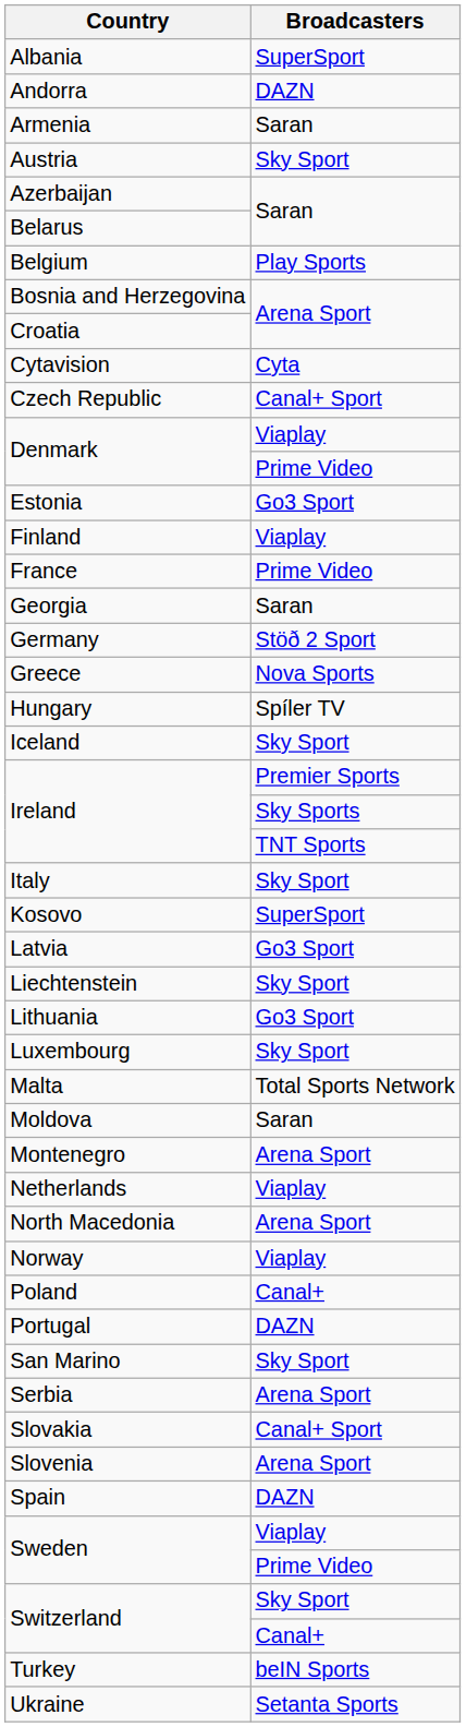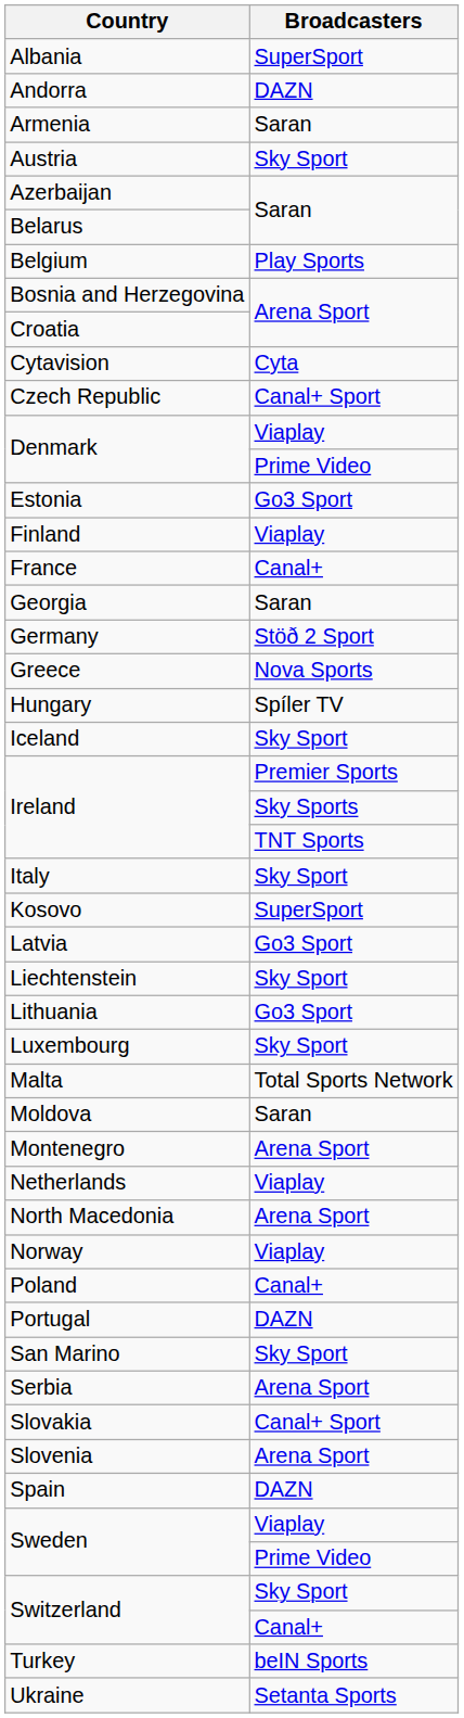 <table class="wikitable">
 <tr>
 <th>Country</th>
 <th>Broadcasters</th>
 </tr>
 <tr>
 <td>Albania</td>
 <td><a href='#'>SuperSport</a></td>
 </tr>
 <tr>
 <td>Andorra</td>
 <td><a href='#'>DAZN</a></td>
 </tr>
 <tr>
 <td>Armenia</td>
 <td>Saran</td>
 </tr>
 <tr>
 <td>Austria</td>
 <td><a href='#'>Sky Sport</a></td>
 </tr>
 <tr>
 <td>Azerbaijan</td>
 <td rowspan="2">Saran</td>
 </tr>
 <tr>
 <td>Belarus</td>
 </tr>
 <tr>
 <td>Belgium</td>
 <td><a href='#'>Play Sports</a></td>
 </tr>
 <tr>
 <td>Bosnia and Herzegovina</td>
 <td rowspan="2"><a href='#'>Arena Sport</a></td>
 </tr>
 <tr>
 <td>Croatia</td>
 </tr>
 <tr>
 <td>Cytavision</td>
 <td><a href='#'>Cyta</a></td>
 </tr>
 <tr>
 <td>Czech Republic</td>
 <td><a href='#'>Canal+ Sport</a></td>
 </tr>
 <tr>
 <td rowspan="2">Denmark</td>
 <td><a href='#'>Viaplay</a></td>
 </tr>
 <tr>
 <td><a href='#'>Prime Video</a></td>
 </tr>
 <tr>
 <td>Estonia</td>
 <td><a href='#'>Go3 Sport</a></td>
 </tr>
 <tr>
 <td>Finland</td>
 <td><a href='#'>Viaplay</a></td>
 </tr>
 <tr>
 <td>France</td>
-<td><a href='#'>Prime Video</a></td>
+<td><a href='#'>Canal+</a></td>
 </tr>
 <tr>
 <td>Georgia</td>
 <td>Saran</td>
 </tr>
 <tr>
 <td>Germany</td>
 <td><a href='#'>Stöð 2 Sport</a></td>
 </tr>
 <tr>
 <td>Greece</td>
 <td><a href='#'>Nova Sports</a></td>
 </tr>
 <tr>
 <td>Hungary</td>
 <td>Spíler TV</td>
 </tr>
 <tr>
 <td>Iceland</td>
 <td><a href='#'>Sky Sport</a></td>
 </tr>
 <tr>
 <td rowspan="3">Ireland</td>
 <td><a href='#'>Premier Sports</a></td>
 </tr>
 <tr>
 <td><a href='#'>Sky Sports</a></td>
 </tr>
 <tr>
 <td><a href='#'>TNT Sports</a></td>
 </tr>
 <tr>
 <td>Italy</td>
 <td><a href='#'>Sky Sport</a></td>
 </tr>
 <tr>
 <td>Kosovo</td>
 <td><a href='#'>SuperSport</a></td>
 </tr>
 <tr>
 <td>Latvia</td>
 <td><a href='#'>Go3 Sport</a></td>
 </tr>
 <tr>
 <td>Liechtenstein</td>
 <td><a href='#'>Sky Sport</a></td>
 </tr>
 <tr>
 <td>Lithuania</td>
 <td><a href='#'>Go3 Sport</a></td>
 </tr>
 <tr>
 <td>Luxembourg</td>
 <td><a href='#'>Sky Sport</a></td>
 </tr>
 <tr>
 <td>Malta</td>
 <td>Total Sports Network</td>
 </tr>
 <tr>
 <td>Moldova</td>
 <td>Saran</td>
 </tr>
 <tr>
 <td>Montenegro</td>
 <td><a href='#'>Arena Sport</a></td>
 </tr>
 <tr>
 <td>Netherlands</td>
 <td><a href='#'>Viaplay</a></td>
 </tr>
 <tr>
 <td>North Macedonia</td>
 <td><a href='#'>Arena Sport</a></td>
 </tr>
 <tr>
 <td>Norway</td>
 <td><a href='#'>Viaplay</a></td>
 </tr>
 <tr>
 <td>Poland</td>
 <td><a href='#'>Canal+</a></td>
 </tr>
 <tr>
 <td>Portugal</td>
 <td><a href='#'>DAZN</a></td>
 </tr>
 <tr>
 <td>San Marino</td>
 <td><a href='#'>Sky Sport</a></td>
 </tr>
 <tr>
 <td>Serbia</td>
 <td><a href='#'>Arena Sport</a></td>
 </tr>
 <tr>
 <td>Slovakia</td>
 <td><a href='#'>Canal+ Sport</a></td>
 </tr>
 <tr>
 <td>Slovenia</td>
 <td><a href='#'>Arena Sport</a></td>
 </tr>
 <tr>
 <td>Spain</td>
 <td><a href='#'>DAZN</a></td>
 </tr>
 <tr>
 <td rowspan="2">Sweden</td>
 <td><a href='#'>Viaplay</a></td>
 </tr>
 <tr>
 <td><a href='#'>Prime Video</a></td>
 </tr>
 <tr>
 <td rowspan="2">Switzerland</td>
 <td><a href='#'>Sky Sport</a></td>
 </tr>
 <tr>
 <td><a href='#'>Canal+</a></td>
 </tr>
 <tr>
 <td>Turkey</td>
 <td><a href='#'>beIN Sports</a></td>
 </tr>
 <tr>
 <td>Ukraine</td>
 <td><a href='#'>Setanta Sports</a></td>
 </tr>
 </table>
